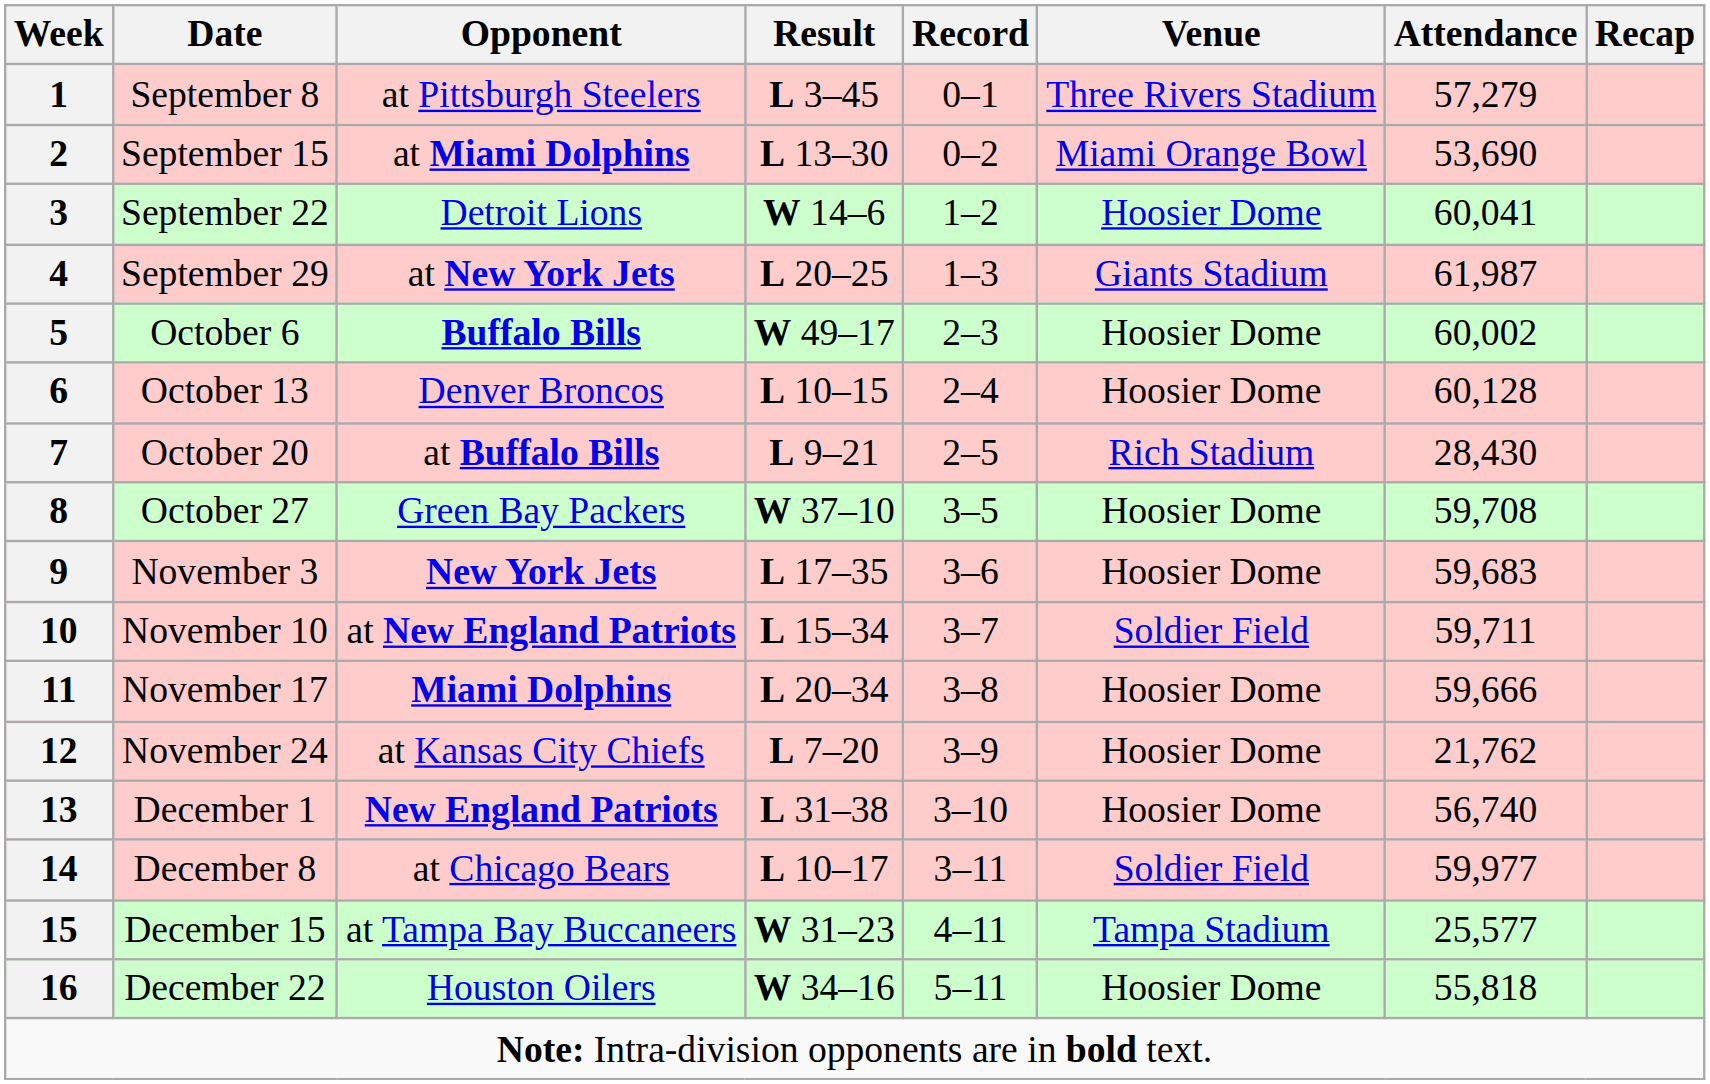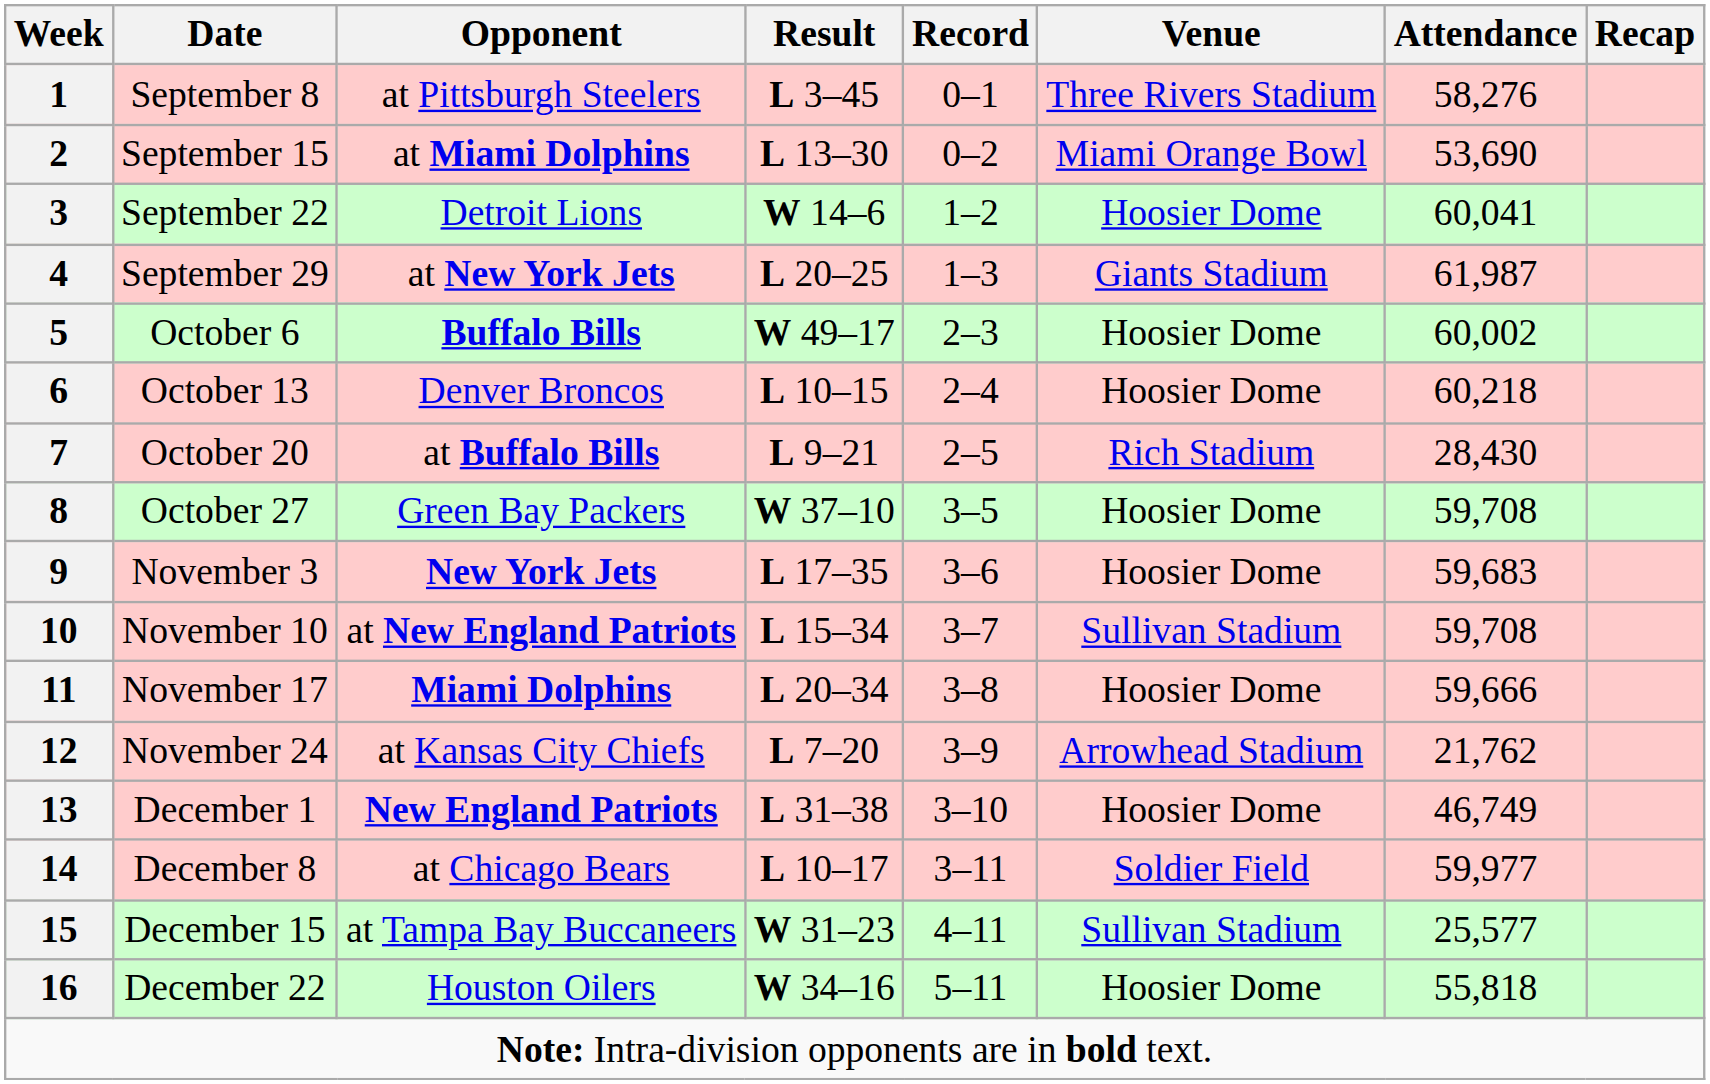 <table class="wikitable" style="text-align:center">
 <tr>
 <th>Week</th>
 <th>Date</th>
 <th>Opponent</th>
 <th>Result</th>
 <th>Record</th>
 <th>Venue</th>
 <th>Attendance</th>
 <th>Recap</th>
 </tr>
 <tr style="background:#fcc">
 <th>1</th>
 <td>September 8</td>
 <td>at <a href='#'>Pittsburgh Steelers</a></td>
 <td><strong>L</strong> 3–45</td>
 <td>0–1</td>
 <td><a href='#'>Three Rivers Stadium</a></td>
-<td>57,279</td>
+<td>58,276</td>
 <td></td>
 </tr>
 <tr style="background:#fcc">
 <th>2</th>
 <td>September 15</td>
 <td>at <strong><a href='#'>Miami Dolphins</a></strong></td>
 <td><strong>L</strong> 13–30</td>
 <td>0–2</td>
 <td><a href='#'>Miami Orange Bowl</a></td>
 <td>53,690</td>
 <td></td>
 </tr>
 <tr style="background:#cfc">
 <th>3</th>
 <td>September 22</td>
 <td><a href='#'>Detroit Lions</a></td>
 <td><strong>W</strong> 14–6</td>
 <td>1–2</td>
 <td><a href='#'>Hoosier Dome</a></td>
 <td>60,041</td>
 <td></td>
 </tr>
 <tr style="background:#fcc">
 <th>4</th>
 <td>September 29</td>
 <td>at <strong><a href='#'>New York Jets</a></strong></td>
 <td><strong>L</strong> 20–25</td>
 <td>1–3</td>
 <td><a href='#'>Giants Stadium</a></td>
 <td>61,987</td>
 <td></td>
 </tr>
 <tr style="background:#cfc">
 <th>5</th>
 <td>October 6</td>
 <td><strong><a href='#'>Buffalo Bills</a></strong></td>
 <td><strong>W</strong> 49–17</td>
 <td>2–3</td>
 <td>Hoosier Dome</td>
 <td>60,002</td>
 <td></td>
 </tr>
 <tr style="background:#fcc">
 <th>6</th>
 <td>October 13</td>
 <td><a href='#'>Denver Broncos</a></td>
 <td><strong>L</strong> 10–15</td>
 <td>2–4</td>
 <td>Hoosier Dome</td>
-<td>60,128</td>
+<td>60,218</td>
 <td></td>
 </tr>
 <tr style="background:#fcc">
 <th>7</th>
 <td>October 20</td>
 <td>at <strong><a href='#'>Buffalo Bills</a></strong></td>
 <td><strong>L</strong> 9–21</td>
 <td>2–5</td>
 <td><a href='#'>Rich Stadium</a></td>
 <td>28,430</td>
 <td></td>
 </tr>
 <tr style="background:#cfc">
 <th>8</th>
 <td>October 27</td>
 <td><a href='#'>Green Bay Packers</a></td>
 <td><strong>W</strong> 37–10</td>
 <td>3–5</td>
 <td>Hoosier Dome</td>
 <td>59,708</td>
 <td></td>
 </tr>
 <tr style="background:#fcc">
 <th>9</th>
 <td>November 3</td>
 <td><strong><a href='#'>New York Jets</a></strong></td>
 <td><strong>L</strong> 17–35</td>
 <td>3–6</td>
 <td>Hoosier Dome</td>
 <td>59,683</td>
 <td></td>
 </tr>
 <tr style="background:#fcc">
 <th>10</th>
 <td>November 10</td>
 <td>at <strong><a href='#'>New England Patriots</a></strong></td>
 <td><strong>L</strong> 15–34</td>
 <td>3–7</td>
-<td><a href='#'>Soldier Field</a></td>
-<td>59,711</td>
+<td><a href='#'>Sullivan Stadium</a></td>
+<td>59,708</td>
 <td></td>
 </tr>
 <tr style="background:#fcc">
 <th>11</th>
 <td>November 17</td>
 <td><strong><a href='#'>Miami Dolphins</a></strong></td>
 <td><strong>L</strong> 20–34</td>
 <td>3–8</td>
 <td>Hoosier Dome</td>
 <td>59,666</td>
 <td></td>
 </tr>
 <tr style="background:#fcc">
 <th>12</th>
 <td>November 24</td>
 <td>at <a href='#'>Kansas City Chiefs</a></td>
 <td><strong>L</strong> 7–20</td>
 <td>3–9</td>
-<td>Hoosier Dome</td>
+<td><a href='#'>Arrowhead Stadium</a></td>
 <td>21,762</td>
 <td></td>
 </tr>
 <tr style="background:#fcc">
 <th>13</th>
 <td>December 1</td>
 <td><strong><a href='#'>New England Patriots</a></strong></td>
 <td><strong>L</strong> 31–38</td>
 <td>3–10</td>
 <td>Hoosier Dome</td>
-<td>56,740</td>
+<td>46,749</td>
 <td></td>
 </tr>
 <tr style="background:#fcc">
 <th>14</th>
 <td>December 8</td>
 <td>at <a href='#'>Chicago Bears</a></td>
 <td><strong>L</strong> 10–17</td>
 <td>3–11</td>
 <td><a href='#'>Soldier Field</a></td>
 <td>59,977</td>
 <td></td>
 </tr>
 <tr style="background:#cfc">
 <th>15</th>
 <td>December 15</td>
 <td>at <a href='#'>Tampa Bay Buccaneers</a></td>
 <td><strong>W</strong> 31–23</td>
 <td>4–11</td>
-<td><a href='#'>Tampa Stadium</a></td>
+<td><a href='#'>Sullivan Stadium</a></td>
 <td>25,577</td>
 <td></td>
 </tr>
 <tr style="background:#cfc">
 <th>16</th>
 <td>December 22</td>
 <td><a href='#'>Houston Oilers</a></td>
 <td><strong>W</strong> 34–16</td>
 <td>5–11</td>
 <td>Hoosier Dome</td>
 <td>55,818</td>
 <td></td>
 </tr>
 <tr>
 <td colspan="8"><strong>Note:</strong> Intra-division opponents are in <strong>bold</strong> text.</td>
 </tr>
 </table>
